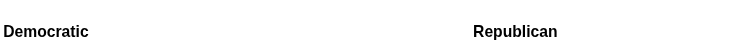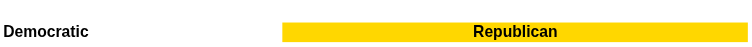 <table style="width:60em; text-align:center">
 <tr style="color:white">
 <td style="background:"><strong>46</strong></td>
 <td style="background:"><strong>54</strong></td>
 </tr>
 <tr>
 <td><span><strong>Democratic</strong></span></td>
-<td><span><strong>Republican</strong></span></td>
+<td style="background: gold;"><span><strong>Republican</strong></span></td>
 </tr>
 </table>
